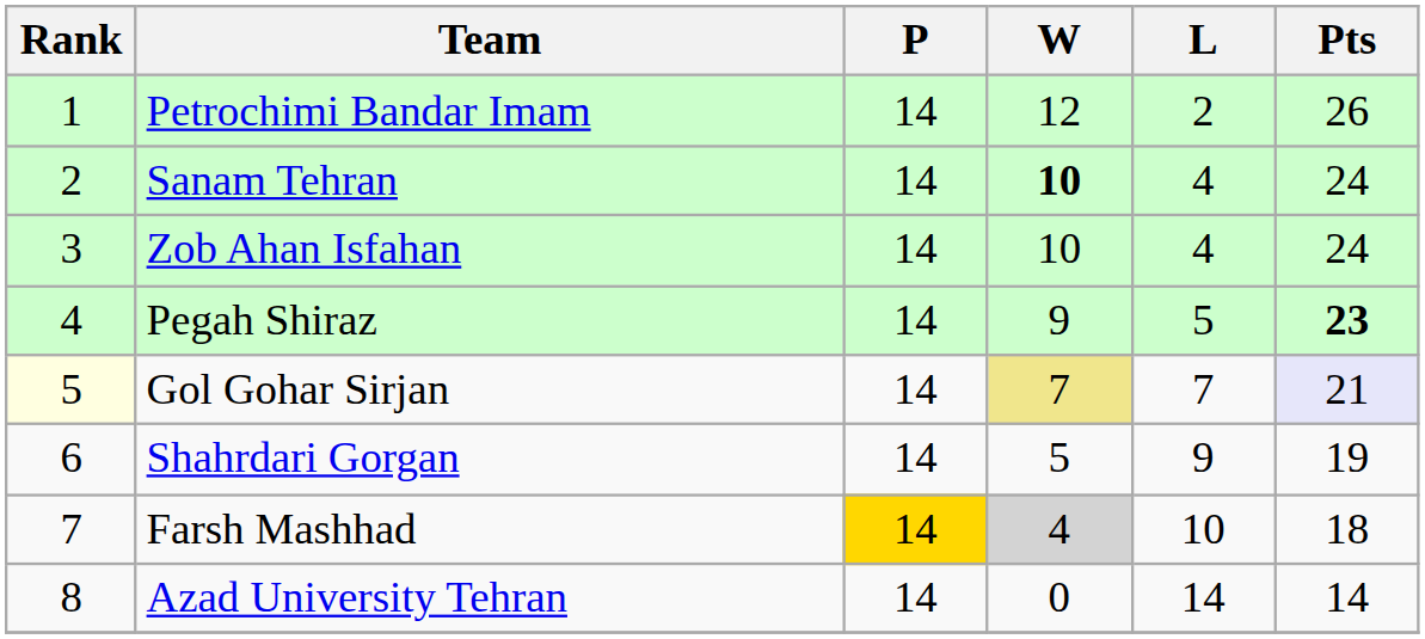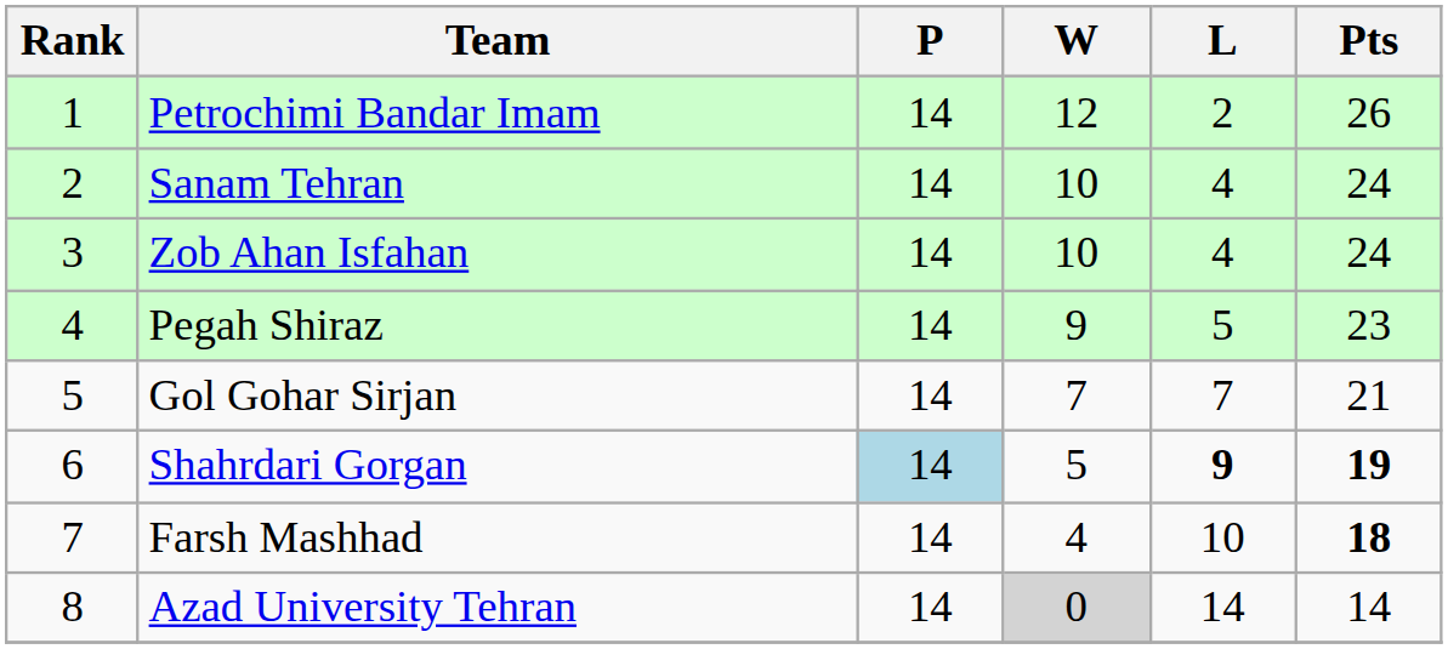 <table class="wikitable" style="text-align: center;">
 <tr>
 <th width=40>Rank</th>
 <th width=250>Team</th>
 <th width=45>P</th>
 <th width=45>W</th>
 <th width=45>L</th>
 <th width=45>Pts</th>
 </tr>
 <tr bgcolor=ccffcc>
 <td>1</td>
 <td align="left"><a href='#'>Petrochimi Bandar Imam</a></td>
 <td>14</td>
 <td>12</td>
 <td>2</td>
 <td>26</td>
 </tr>
 <tr bgcolor=ccffcc>
 <td>2</td>
 <td align="left"><a href='#'>Sanam Tehran</a></td>
 <td>14</td>
-<td><strong>10</strong></td>
+<td>10</td>
 <td>4</td>
 <td>24</td>
 </tr>
 <tr bgcolor=ccffcc>
 <td>3</td>
 <td align="left"><a href='#'>Zob Ahan Isfahan</a></td>
 <td>14</td>
 <td>10</td>
 <td>4</td>
 <td>24</td>
 </tr>
 <tr bgcolor=ccffcc>
 <td>4</td>
 <td align="left">Pegah Shiraz</td>
 <td>14</td>
 <td>9</td>
 <td>5</td>
-<td><strong>23</strong></td>
+<td>23</td>
 </tr>
 <tr>
-<td style="background: lightyellow;">5</td>
+<td>5</td>
 <td align="left">Gol Gohar Sirjan</td>
 <td>14</td>
-<td style="background: khaki;">7</td>
 <td>7</td>
-<td style="background: lavender;">21</td>
+<td>7</td>
+<td>21</td>
 </tr>
 <tr>
 <td>6</td>
 <td align="left"><a href='#'>Shahrdari Gorgan</a></td>
-<td>14</td>
+<td style="background: lightblue;">14</td>
 <td>5</td>
-<td>9</td>
-<td>19</td>
+<td><strong>9</strong></td>
+<td><strong>19</strong></td>
 </tr>
 <tr>
 <td>7</td>
 <td align="left">Farsh Mashhad</td>
-<td style="background: gold;">14</td>
-<td style="background: lightgrey;">4</td>
+<td>14</td>
+<td>4</td>
 <td>10</td>
-<td>18</td>
+<td><strong>18</strong></td>
 </tr>
 <tr>
 <td>8</td>
 <td align="left"><a href='#'>Azad University Tehran</a></td>
 <td>14</td>
-<td>0</td>
+<td style="background: lightgrey;">0</td>
 <td>14</td>
 <td>14</td>
 </tr>
 <tr>
 </tr>
 </table>
